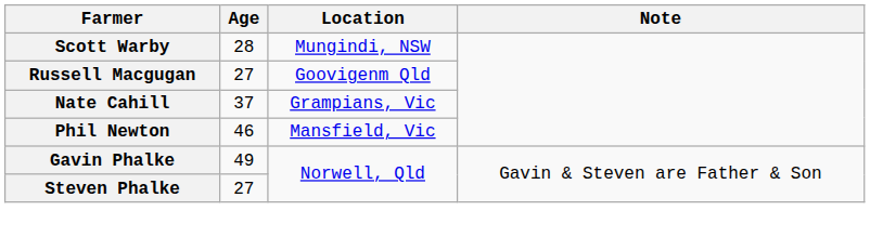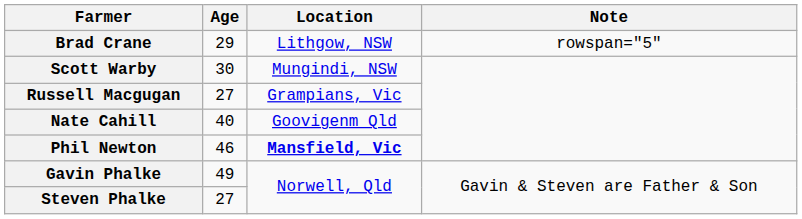 <table class="wikitable" style="text-align: center; font-size: 100%" width="51%">
 <tr>
 <th>Farmer</th>
 <th>Age</th>
 <th>Location</th>
 <th>Note</th>
 </tr>
 <tr>
+<th>Brad Crane</th>
+<td>29</td>
+<td><a href='#'>Lithgow, NSW</a></td>
+<td>rowspan="5" </td>
+</tr>
+<tr>
 <th>Scott Warby</th>
-<td>28</td>
+<td>30</td>
 <td><a href='#'>Mungindi, NSW</a></td>
 </tr>
 <tr>
 <th>Russell Macgugan</th>
 <td>27</td>
-<td><a href='#'>Goovigenm Qld</a></td>
+<td><a href='#'>Grampians, Vic</a></td>
 </tr>
 <tr>
 <th>Nate Cahill</th>
-<td>37</td>
-<td><a href='#'>Grampians, Vic</a></td>
+<td>40</td>
+<td><a href='#'>Goovigenm Qld</a></td>
 </tr>
 <tr>
 <th>Phil Newton</th>
 <td>46</td>
-<td><a href='#'>Mansfield, Vic</a></td>
+<td><strong><a href='#'>Mansfield, Vic</a></strong></td>
 </tr>
 <tr>
 <th>Gavin Phalke</th>
 <td>49</td>
 <td rowspan="2"><a href='#'>Norwell, Qld</a></td>
 <td rowspan="2">Gavin & Steven are Father & Son</td>
 </tr>
 <tr>
 <th>Steven Phalke</th>
 <td>27</td>
 </tr>
 </table>
